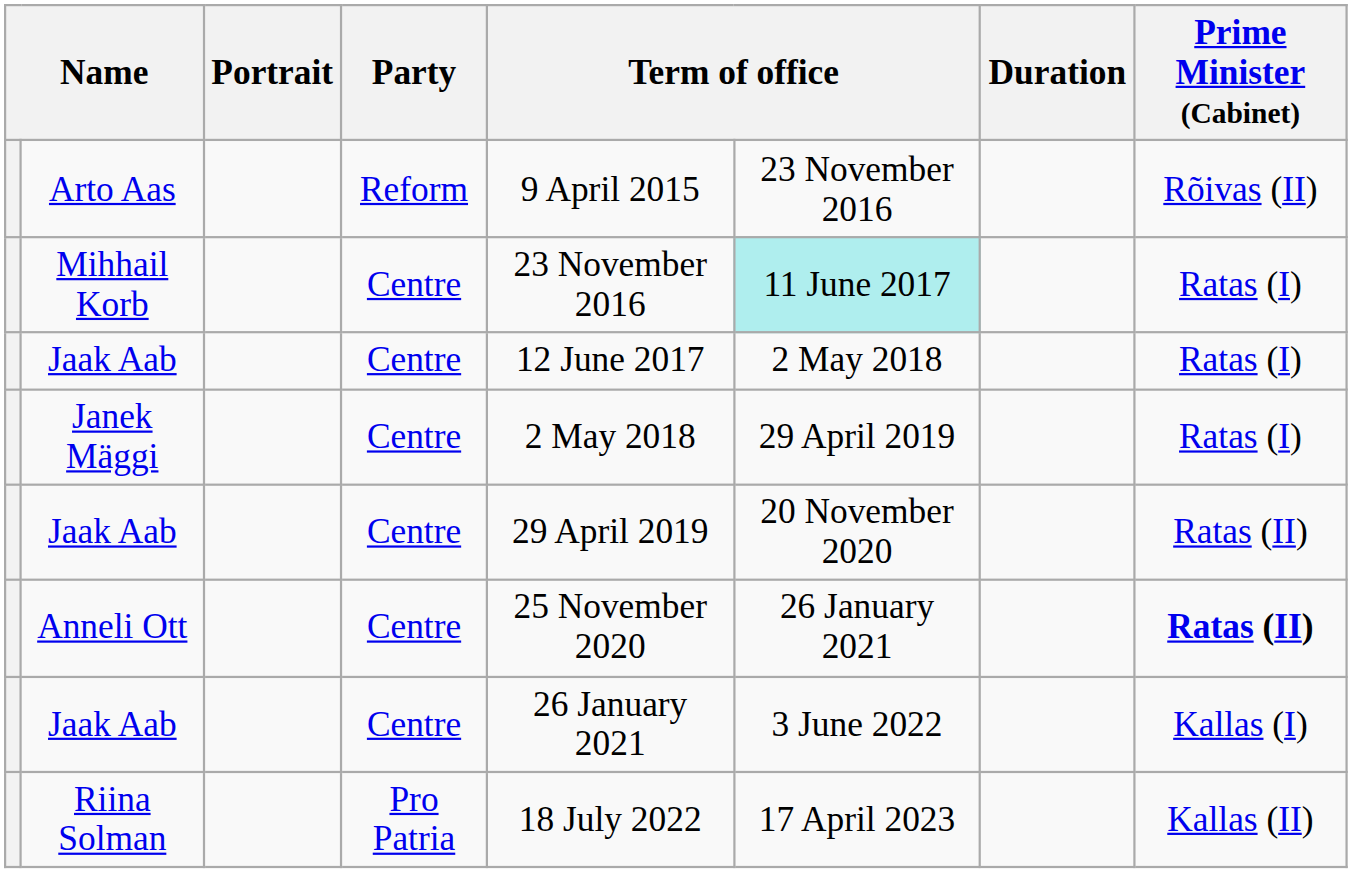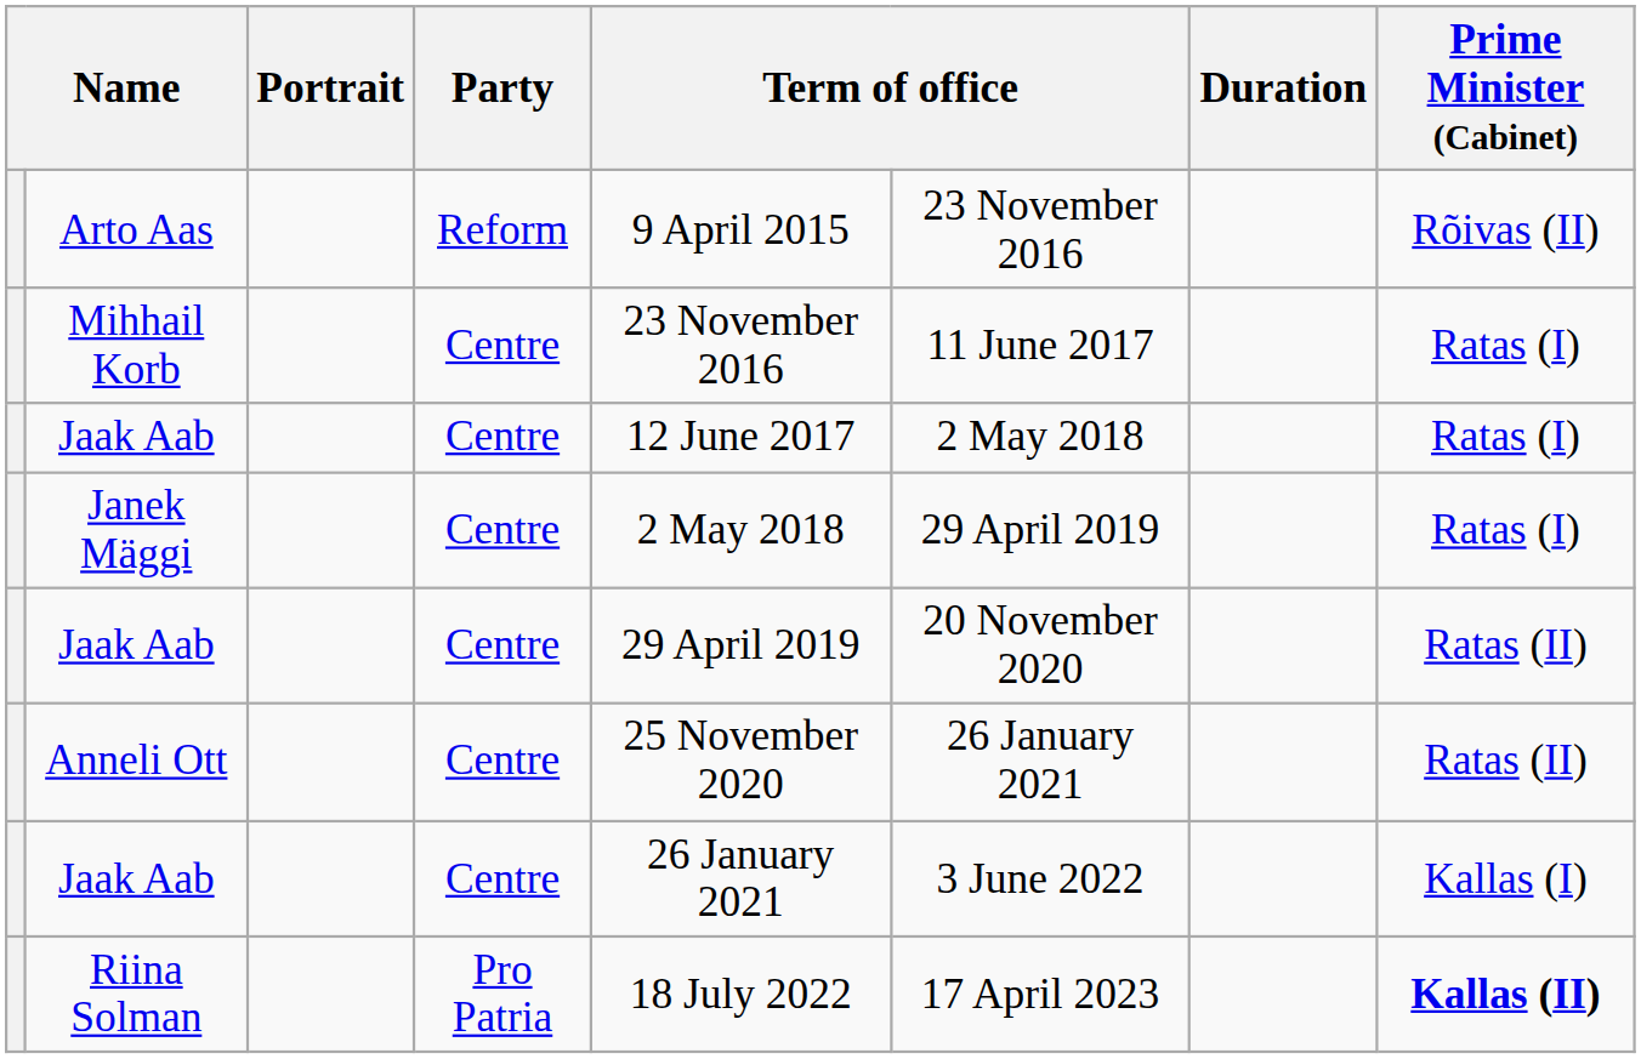 <table class="wikitable" style="text-align:center;">
 <tr>
 <th colspan=2>Name</th>
 <th>Portrait</th>
 <th>Party</th>
 <th colspan=2>Term of office</th>
 <th>Duration</th>
 <th><a href='#'>Prime Minister</a><br><small>(Cabinet)</small></th>
 </tr>
 <tr>
 <th style="background:"></th>
 <td><a href='#'>Arto Aas</a></td>
 <td></td>
 <td><a href='#'>Reform</a></td>
 <td>9 April 2015</td>
 <td>23 November 2016</td>
 <td></td>
 <td><a href='#'>Rõivas</a> (<a href='#'>II</a>)</td>
 </tr>
 <tr>
 <th style="background:"></th>
 <td><a href='#'>Mihhail Korb</a></td>
 <td></td>
 <td><a href='#'>Centre</a></td>
 <td>23 November 2016</td>
-<td style="background: paleturquoise;">11 June 2017</td>
+<td>11 June 2017</td>
 <td></td>
 <td><a href='#'>Ratas</a> (<a href='#'>I</a>)</td>
 </tr>
 <tr>
 <th style="background:"></th>
 <td><a href='#'>Jaak Aab</a></td>
 <td></td>
 <td><a href='#'>Centre</a></td>
 <td>12 June 2017</td>
 <td>2 May 2018</td>
 <td></td>
 <td><a href='#'>Ratas</a> (<a href='#'>I</a>)</td>
 </tr>
 <tr>
 <th style="background:"></th>
 <td><a href='#'>Janek Mäggi</a></td>
 <td></td>
 <td><a href='#'>Centre</a></td>
 <td>2 May 2018</td>
 <td>29 April 2019</td>
 <td></td>
 <td><a href='#'>Ratas</a> (<a href='#'>I</a>)</td>
 </tr>
 <tr>
 <th style="background:"></th>
 <td><a href='#'>Jaak Aab</a></td>
 <td></td>
 <td><a href='#'>Centre</a></td>
 <td>29 April 2019</td>
 <td>20 November 2020</td>
 <td></td>
 <td><a href='#'>Ratas</a> (<a href='#'>II</a>)</td>
 </tr>
 <tr>
 <th style="background:"></th>
 <td><a href='#'>Anneli Ott</a></td>
 <td></td>
 <td><a href='#'>Centre</a></td>
 <td>25 November 2020</td>
 <td>26 January 2021</td>
 <td></td>
-<td><strong><a href='#'>Ratas</a> (<a href='#'>II</a>)</strong></td>
+<td><a href='#'>Ratas</a> (<a href='#'>II</a>)</td>
 </tr>
 <tr>
 <th style="background:"></th>
 <td><a href='#'>Jaak Aab</a></td>
 <td></td>
 <td><a href='#'>Centre</a></td>
 <td>26 January 2021</td>
 <td>3 June 2022</td>
 <td></td>
 <td><a href='#'>Kallas</a> (<a href='#'>I</a>)</td>
 </tr>
 <tr>
 <th style="background:"></th>
 <td><a href='#'>Riina Solman</a></td>
 <td></td>
 <td><a href='#'>Pro Patria</a></td>
 <td>18 July 2022</td>
 <td>17 April 2023</td>
 <td></td>
-<td><a href='#'>Kallas</a> (<a href='#'>II</a>)</td>
+<td><strong><a href='#'>Kallas</a> (<a href='#'>II</a>)</strong></td>
 </tr>
 </table>
